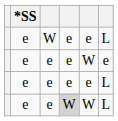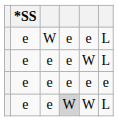 <table class="wikitable" style="text-align: center; float: left; margin-right: 1em;">
 <tr>
 <th></th>
 <th>*SS</th>
 <th></th>
 <th></th>
 <th></th>
 <th></th>
 </tr>
 <tr>
 <th style="text-align: left;"></th>
 <td>e</td>
 <td>W</td>
 <td>e</td>
 <td>e</td>
 <td>L</td>
 </tr>
 <tr>
 <th style="text-align: left;"></th>
 <td>e</td>
 <td>e</td>
 <td>e</td>
 <td>W</td>
-<td>e</td>
+<td>L</td>
 </tr>
 <tr>
 <th style="text-align: left;"></th>
 <td>e</td>
 <td>e</td>
 <td>e</td>
 <td>e</td>
-<td>L</td>
+<td>e</td>
 </tr>
 <tr>
 <th style="text-align: left;"></th>
 <td>e</td>
 <td>e</td>
 <td style="background: lightgrey;">W</td>
 <td>W</td>
 <td>L</td>
 </tr>
 </table>
